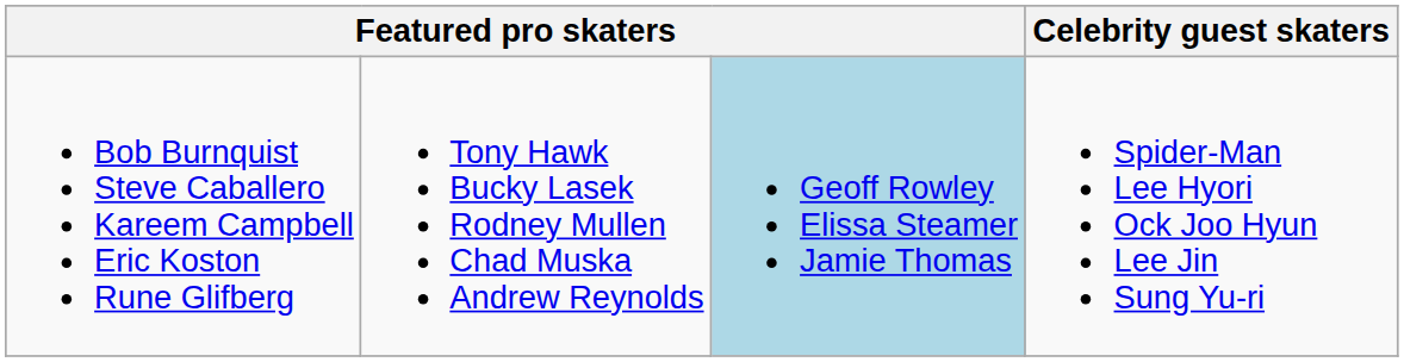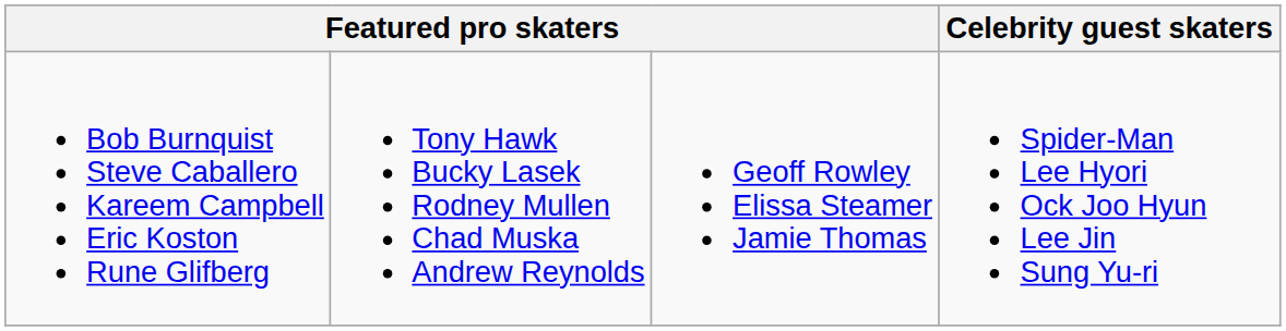 <table class="wikitable">
 <tr>
 <th colspan="3">Featured pro skaters</th>
 <th>Celebrity guest skaters</th>
 </tr>
 <tr>
 <td><br><ul><li><a href='#'>Bob Burnquist</a></li><li><a href='#'>Steve Caballero</a></li><li><a href='#'>Kareem Campbell</a></li><li><a href='#'>Eric Koston</a></li><li><a href='#'>Rune Glifberg</a></li></ul></td>
 <td><br><ul><li><a href='#'>Tony Hawk</a></li><li><a href='#'>Bucky Lasek</a></li><li><a href='#'>Rodney Mullen</a></li><li><a href='#'>Chad Muska</a></li><li><a href='#'>Andrew Reynolds</a></li></ul></td>
-<td style="background: lightblue;"><br><ul><li><a href='#'>Geoff Rowley</a></li><li><a href='#'>Elissa Steamer</a></li><li><a href='#'>Jamie Thomas</a></li></ul></td>
+<td><br><ul><li><a href='#'>Geoff Rowley</a></li><li><a href='#'>Elissa Steamer</a></li><li><a href='#'>Jamie Thomas</a></li></ul></td>
 <td><br><ul><li><a href='#'>Spider-Man</a></li><li><a href='#'>Lee Hyori</a></li><li><a href='#'>Ock Joo Hyun</a></li><li><a href='#'>Lee Jin</a></li><li><a href='#'>Sung Yu-ri</a></li></ul></td>
 </tr>
 </table>
